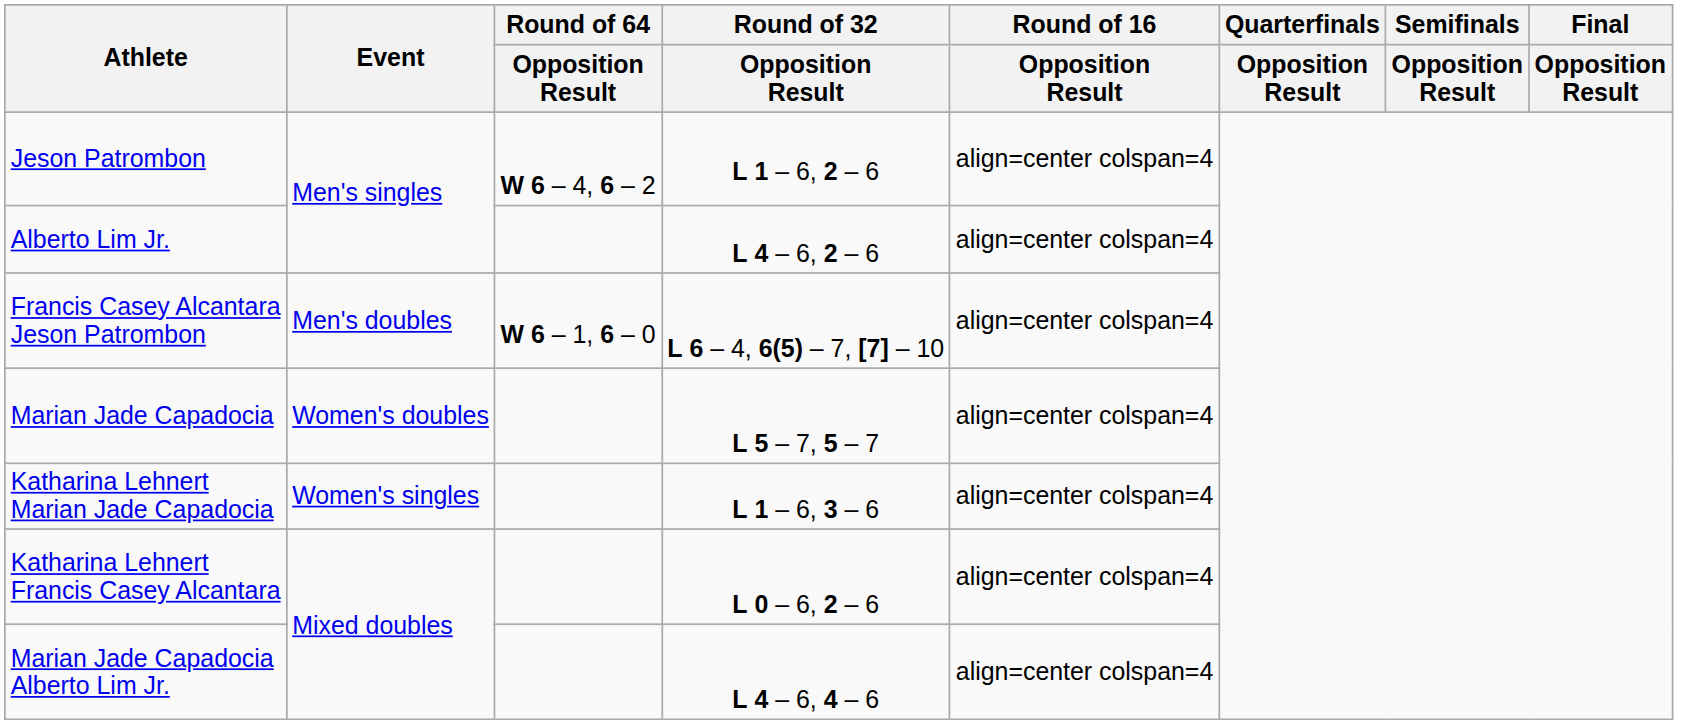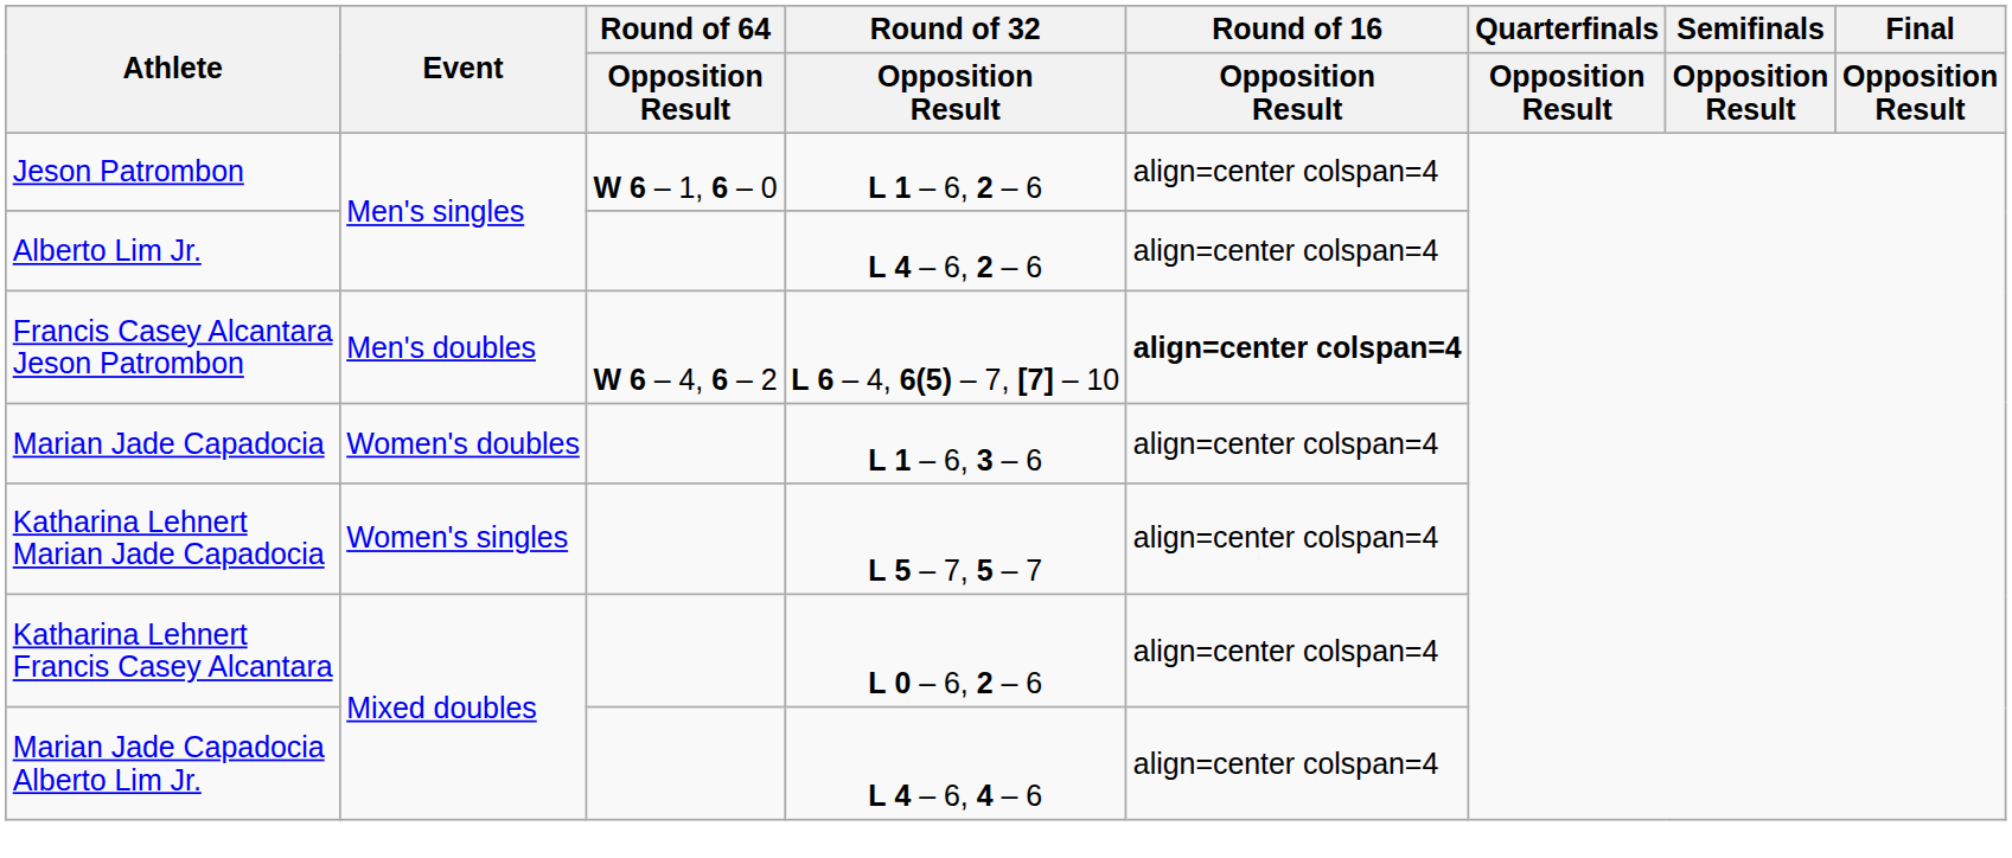 <table class="wikitable" border="1" style="font-size:90%">
 <tr>
 <th rowspan=2>Athlete</th>
 <th rowspan=2>Event</th>
 <th>Round of 64</th>
 <th>Round of 32</th>
 <th>Round of 16</th>
 <th>Quarterfinals</th>
 <th>Semifinals</th>
 <th>Final</th>
 </tr>
 <tr>
 <th>Opposition<br>Result</th>
 <th>Opposition<br>Result</th>
 <th>Opposition<br>Result</th>
 <th>Opposition<br>Result</th>
 <th>Opposition<br>Result</th>
 <th>Opposition<br>Result</th>
 </tr>
 <tr>
 <td align=left><a href='#'>Jeson Patrombon</a></td>
 <td rowspan=2 align=left><a href='#'>Men's singles</a></td>
-<td align=center> <br>  <br> <strong>W</strong> <strong>6</strong> – 4, <strong>6</strong> – 2</td>
+<td align=center> <br> <strong>W</strong> <strong>6</strong> – 1, <strong>6</strong> – 0</td>
 <td align=center> <br> <strong>L</strong> <strong>1</strong> – 6, <strong>2</strong> – 6</td>
 <td>align=center colspan=4</td>
 </tr>
 <tr>
 <td align=left><a href='#'>Alberto Lim Jr.</a></td>
 <td></td>
 <td align=center> <br> <strong>L</strong> <strong>4</strong> – 6, <strong>2</strong> – 6</td>
 <td>align=center colspan=4</td>
 </tr>
 <tr>
 <td align=left><a href='#'>Francis Casey Alcantara</a> <br> <a href='#'>Jeson Patrombon</a></td>
 <td align=left><a href='#'>Men's doubles</a></td>
-<td align=center> <br> <strong>W</strong> <strong>6</strong> – 1, <strong>6</strong> – 0</td>
+<td align=center> <br>  <br> <strong>W</strong> <strong>6</strong> – 4, <strong>6</strong> – 2</td>
 <td align=center> <br>  <br> <strong>L</strong> <strong>6</strong> – 4, <strong>6(5)</strong> – 7, <strong>[7]</strong> – 10</td>
-<td>align=center colspan=4</td>
+<td><strong>align=center colspan=4</strong></td>
 </tr>
 <tr>
 <td align=left><a href='#'>Marian Jade Capadocia</a></td>
 <td align=left><a href='#'>Women's doubles</a></td>
 <td></td>
-<td align=center> <br>   <br> <strong>L</strong> <strong>5</strong> – 7, <strong>5</strong> – 7</td>
+<td align=center> <br> <strong>L</strong> <strong>1</strong> – 6, <strong>3</strong> – 6</td>
 <td>align=center colspan=4</td>
 </tr>
 <tr>
 <td align=left><a href='#'>Katharina Lehnert</a> <br> <a href='#'>Marian Jade Capadocia</a></td>
 <td align=left><a href='#'>Women's singles</a></td>
 <td></td>
-<td align=center> <br> <strong>L</strong> <strong>1</strong> – 6, <strong>3</strong> – 6</td>
+<td align=center> <br>   <br> <strong>L</strong> <strong>5</strong> – 7, <strong>5</strong> – 7</td>
 <td>align=center colspan=4</td>
 </tr>
 <tr>
 <td align=left><a href='#'>Katharina Lehnert</a> <br> <a href='#'>Francis Casey Alcantara</a></td>
 <td rowspan=2 align=left><a href='#'>Mixed doubles</a></td>
 <td></td>
 <td align=center> <br>   <br> <strong>L</strong> <strong>0</strong> – 6, <strong>2</strong> – 6</td>
 <td>align=center colspan=4</td>
 </tr>
 <tr>
 <td align=left><a href='#'>Marian Jade Capadocia</a> <br> <a href='#'>Alberto Lim Jr.</a></td>
 <td></td>
 <td align=center> <br>   <br> <strong>L</strong> <strong>4</strong> – 6, <strong>4</strong> – 6</td>
 <td>align=center colspan=4</td>
 </tr>
 </table>
